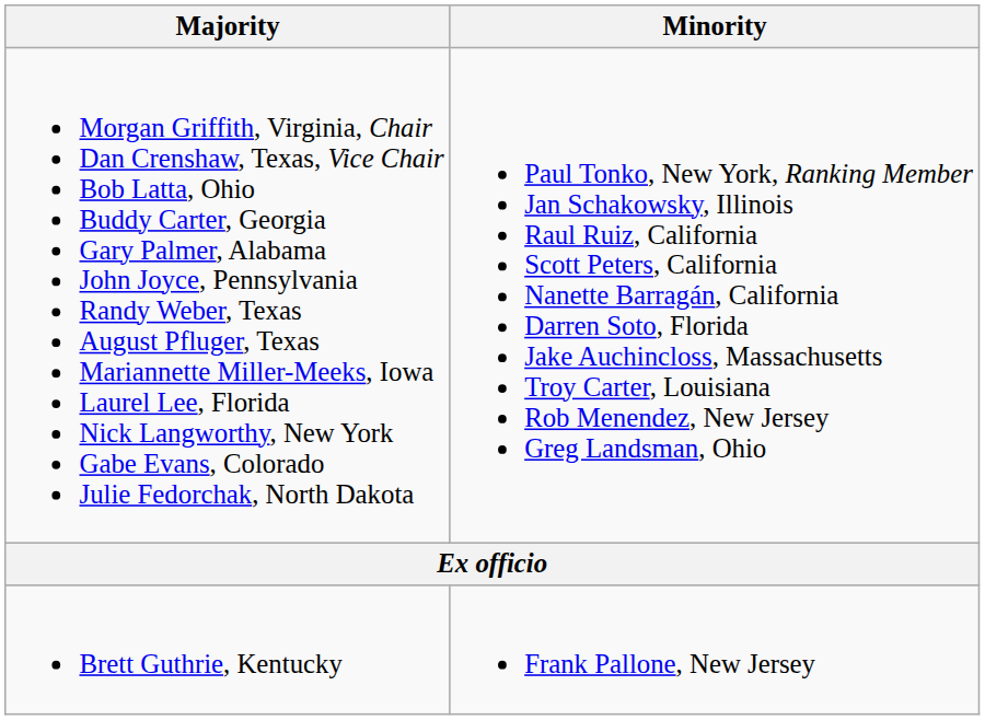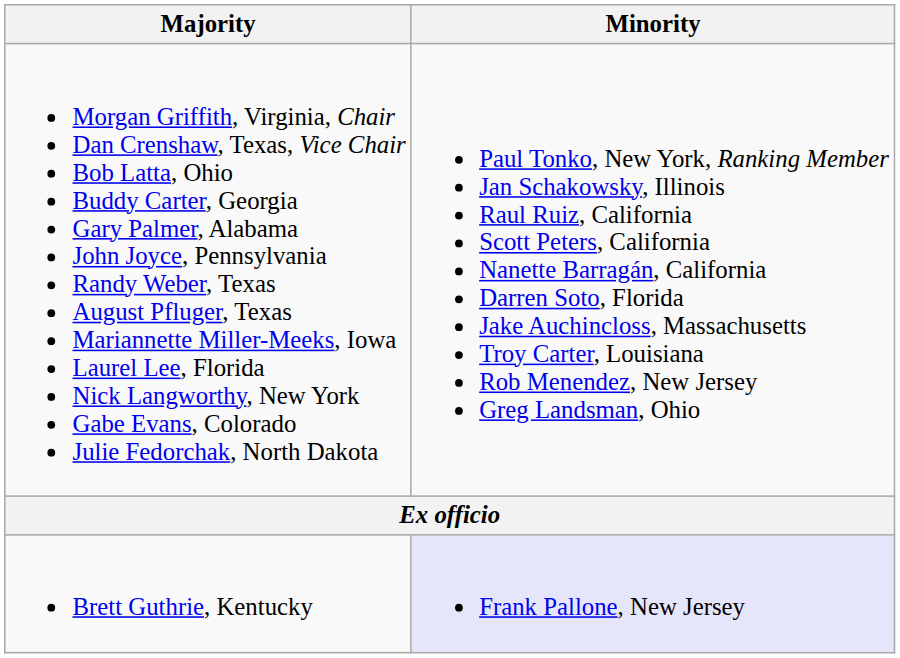 <table class=wikitable>
 <tr>
 <th>Majority</th>
 <th>Minority</th>
 </tr>
 <tr>
 <td><br><ul><li><a href='#'>Morgan Griffith</a>, Virginia, <em>Chair</em></li><li><a href='#'>Dan Crenshaw</a>, Texas, <em>Vice Chair</em></li><li><a href='#'>Bob Latta</a>, Ohio</li><li><a href='#'>Buddy Carter</a>, Georgia</li><li><a href='#'>Gary Palmer</a>, Alabama</li><li><a href='#'>John Joyce</a>, Pennsylvania</li><li><a href='#'>Randy Weber</a>, Texas</li><li><a href='#'>August Pfluger</a>, Texas</li><li><a href='#'>Mariannette Miller-Meeks</a>, Iowa</li><li><a href='#'>Laurel Lee</a>, Florida</li><li><a href='#'>Nick Langworthy</a>, New York</li><li><a href='#'>Gabe Evans</a>, Colorado</li><li><a href='#'>Julie Fedorchak</a>, North Dakota</li></ul></td>
 <td><br><ul><li><a href='#'>Paul Tonko</a>, New York, <em>Ranking Member</em></li><li><a href='#'>Jan Schakowsky</a>, Illinois</li><li><a href='#'>Raul Ruiz</a>, California</li><li><a href='#'>Scott Peters</a>, California</li><li><a href='#'>Nanette Barragán</a>, California</li><li><a href='#'>Darren Soto</a>, Florida</li><li><a href='#'>Jake Auchincloss</a>, Massachusetts</li><li><a href='#'>Troy Carter</a>, Louisiana</li><li><a href='#'>Rob Menendez</a>, New Jersey</li><li><a href='#'>Greg Landsman</a>, Ohio</li></ul></td>
 </tr>
 <tr>
 <th colspan=2><em>Ex officio</em></th>
 </tr>
 <tr>
 <td><br><ul><li><a href='#'>Brett Guthrie</a>, Kentucky</li></ul></td>
-<td><br><ul><li><a href='#'>Frank Pallone</a>, New Jersey</li></ul></td>
+<td style="background: lavender;"><br><ul><li><a href='#'>Frank Pallone</a>, New Jersey</li></ul></td>
 </tr>
 </table>
